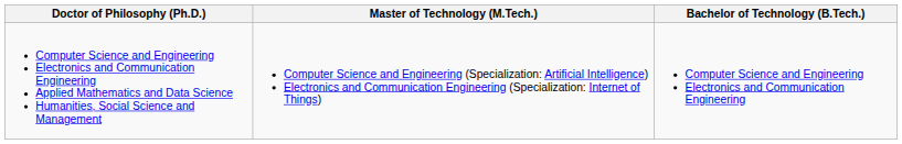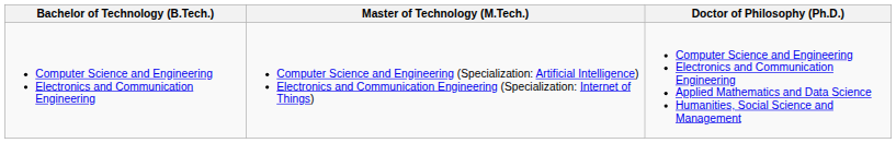 <table style="width:auto; height:auto; margin:auto;" class="wikitable">
 <tr>
+<th>Bachelor of Technology (B.Tech.)</th>
+<th>Master of Technology (M.Tech.)</th>
 <th>Doctor of Philosophy (Ph.D.)</th>
-<th>Master of Technology (M.Tech.)</th>
-<th>Bachelor of Technology (B.Tech.)</th>
 </tr>
 <tr>
+<td><br><ul><li><a href='#'>Computer Science and Engineering</a></li><li><a href='#'>Electronics and Communication Engineering</a></li></ul></td>
+<td><br><ul><li><a href='#'>Computer Science and Engineering</a> (Specialization: <a href='#'>Artificial Intelligence</a>)</li><li><a href='#'>Electronics and Communication Engineering</a> (Specialization: <a href='#'>Internet of Things</a>)</li></ul></td>
 <td><br><ul><li><a href='#'>Computer Science and Engineering</a></li><li><a href='#'>Electronics and Communication Engineering</a></li><li><a href='#'>Applied Mathematics and Data Science</a></li><li><a href='#'>Humanities, Social Science and Management</a></li></ul></td>
-<td><br><ul><li><a href='#'>Computer Science and Engineering</a> (Specialization: <a href='#'>Artificial Intelligence</a>)</li><li><a href='#'>Electronics and Communication Engineering</a> (Specialization: <a href='#'>Internet of Things</a>)</li></ul></td>
-<td><br><ul><li><a href='#'>Computer Science and Engineering</a></li><li><a href='#'>Electronics and Communication Engineering</a></li></ul></td>
 </tr>
 </table>
